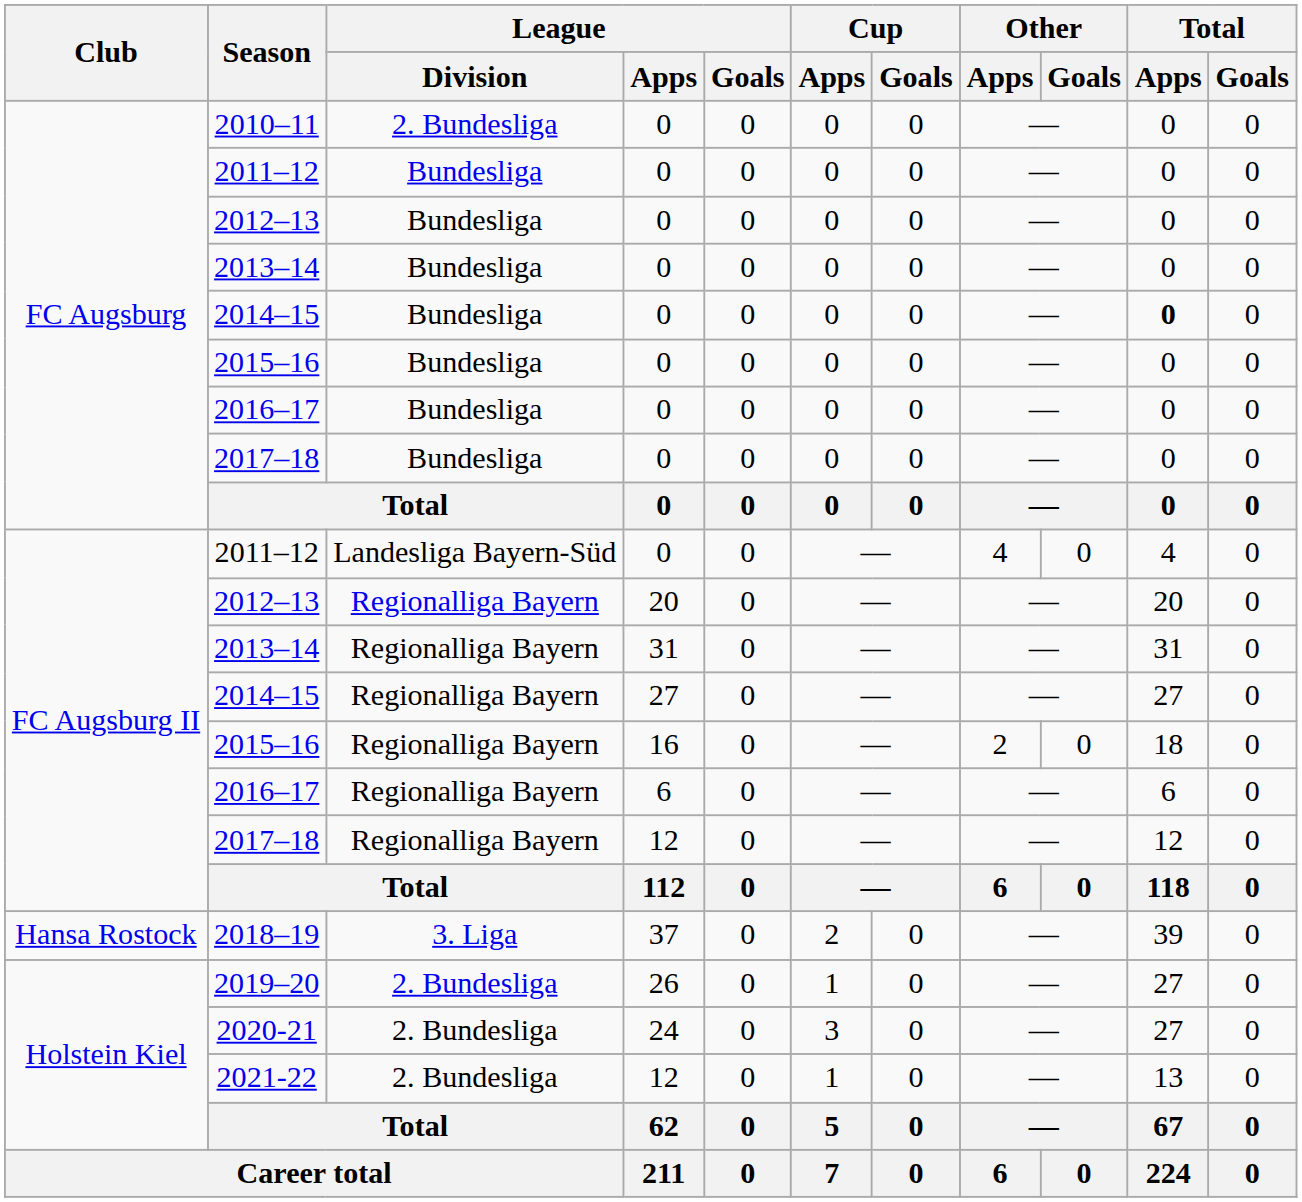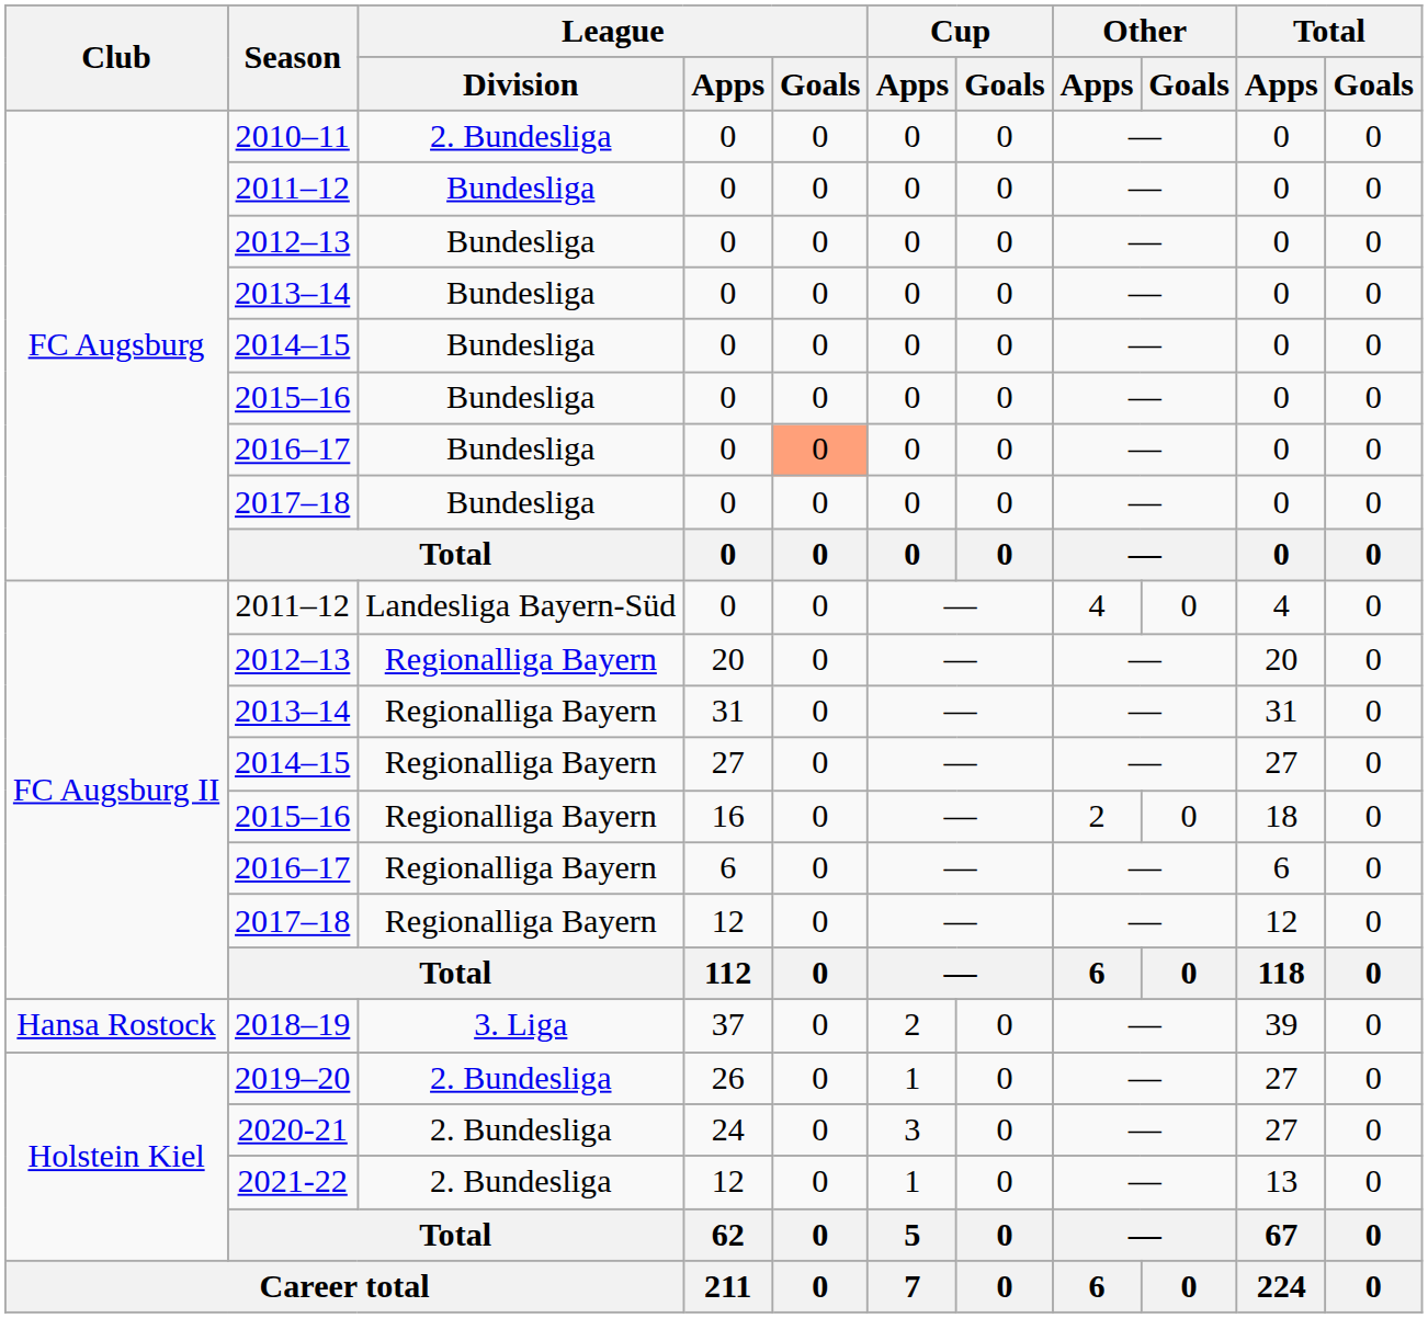 <table class="wikitable" style="text-align:center">
 <tr>
 <th rowspan="2">Club</th>
 <th rowspan="2">Season</th>
 <th colspan="3">League</th>
 <th colspan="2">Cup</th>
 <th colspan="2">Other</th>
 <th colspan="2">Total</th>
 </tr>
 <tr>
 <th>Division</th>
 <th>Apps</th>
 <th>Goals</th>
 <th>Apps</th>
 <th>Goals</th>
 <th>Apps</th>
 <th>Goals</th>
 <th>Apps</th>
 <th>Goals</th>
 </tr>
 <tr>
 <td rowspan="9"><a href='#'>FC Augsburg</a></td>
 <td><a href='#'>2010–11</a></td>
 <td><a href='#'>2. Bundesliga</a></td>
 <td>0</td>
 <td>0</td>
 <td>0</td>
 <td>0</td>
 <td colspan="2">—</td>
 <td>0</td>
 <td>0</td>
 </tr>
 <tr>
 <td><a href='#'>2011–12</a></td>
 <td><a href='#'>Bundesliga</a></td>
 <td>0</td>
 <td>0</td>
 <td>0</td>
 <td>0</td>
 <td colspan="2">—</td>
 <td>0</td>
 <td>0</td>
 </tr>
 <tr>
 <td><a href='#'>2012–13</a></td>
 <td>Bundesliga</td>
 <td>0</td>
 <td>0</td>
 <td>0</td>
 <td>0</td>
 <td colspan="2">—</td>
 <td>0</td>
 <td>0</td>
 </tr>
 <tr>
 <td><a href='#'>2013–14</a></td>
 <td>Bundesliga</td>
 <td>0</td>
 <td>0</td>
 <td>0</td>
 <td>0</td>
 <td colspan="2">—</td>
 <td>0</td>
 <td>0</td>
 </tr>
 <tr>
 <td><a href='#'>2014–15</a></td>
 <td>Bundesliga</td>
 <td>0</td>
 <td>0</td>
 <td>0</td>
 <td>0</td>
 <td colspan="2">—</td>
-<td><strong>0</strong></td>
+<td>0</td>
 <td>0</td>
 </tr>
 <tr>
 <td><a href='#'>2015–16</a></td>
 <td>Bundesliga</td>
 <td>0</td>
 <td>0</td>
 <td>0</td>
 <td>0</td>
 <td colspan="2">—</td>
 <td>0</td>
 <td>0</td>
 </tr>
 <tr>
 <td><a href='#'>2016–17</a></td>
 <td>Bundesliga</td>
 <td>0</td>
-<td>0</td>
+<td style="background: lightsalmon;">0</td>
 <td>0</td>
 <td>0</td>
 <td colspan="2">—</td>
 <td>0</td>
 <td>0</td>
 </tr>
 <tr>
 <td><a href='#'>2017–18</a></td>
 <td>Bundesliga</td>
 <td>0</td>
 <td>0</td>
 <td>0</td>
 <td>0</td>
 <td colspan="2">—</td>
 <td>0</td>
 <td>0</td>
 </tr>
 <tr>
 <th colspan="2">Total</th>
 <th>0</th>
 <th>0</th>
 <th>0</th>
 <th>0</th>
 <th colspan="2">—</th>
 <th>0</th>
 <th>0</th>
 </tr>
 <tr>
 <td rowspan="8"><a href='#'>FC Augsburg II</a></td>
 <td>2011–12</td>
 <td>Landesliga Bayern-Süd</td>
 <td>0</td>
 <td>0</td>
 <td colspan="2">—</td>
 <td>4</td>
 <td>0</td>
 <td>4</td>
 <td>0</td>
 </tr>
 <tr>
 <td><a href='#'>2012–13</a></td>
 <td><a href='#'>Regionalliga Bayern</a></td>
 <td>20</td>
 <td>0</td>
 <td colspan="2">—</td>
 <td colspan="2">—</td>
 <td>20</td>
 <td>0</td>
 </tr>
 <tr>
 <td><a href='#'>2013–14</a></td>
 <td>Regionalliga Bayern</td>
 <td>31</td>
 <td>0</td>
 <td colspan="2">—</td>
 <td colspan="2">—</td>
 <td>31</td>
 <td>0</td>
 </tr>
 <tr>
 <td><a href='#'>2014–15</a></td>
 <td>Regionalliga Bayern</td>
 <td>27</td>
 <td>0</td>
 <td colspan="2">—</td>
 <td colspan="2">—</td>
 <td>27</td>
 <td>0</td>
 </tr>
 <tr>
 <td><a href='#'>2015–16</a></td>
 <td>Regionalliga Bayern</td>
 <td>16</td>
 <td>0</td>
 <td colspan="2">—</td>
 <td>2</td>
 <td>0</td>
 <td>18</td>
 <td>0</td>
 </tr>
 <tr>
 <td><a href='#'>2016–17</a></td>
 <td>Regionalliga Bayern</td>
 <td>6</td>
 <td>0</td>
 <td colspan="2">—</td>
 <td colspan="2">—</td>
 <td>6</td>
 <td>0</td>
 </tr>
 <tr>
 <td><a href='#'>2017–18</a></td>
 <td>Regionalliga Bayern</td>
 <td>12</td>
 <td>0</td>
 <td colspan="2">—</td>
 <td colspan="2">—</td>
 <td>12</td>
 <td>0</td>
 </tr>
 <tr>
 <th colspan="2">Total</th>
 <th>112</th>
 <th>0</th>
 <th colspan="2">—</th>
 <th>6</th>
 <th>0</th>
 <th>118</th>
 <th>0</th>
 </tr>
 <tr>
 <td><a href='#'>Hansa Rostock</a></td>
 <td><a href='#'>2018–19</a></td>
 <td><a href='#'>3. Liga</a></td>
 <td>37</td>
 <td>0</td>
 <td>2</td>
 <td>0</td>
 <td colspan="2">—</td>
 <td>39</td>
 <td>0</td>
 </tr>
 <tr>
 <td rowspan="4"><a href='#'>Holstein Kiel</a></td>
 <td><a href='#'>2019–20</a></td>
 <td><a href='#'>2. Bundesliga</a></td>
 <td>26</td>
 <td>0</td>
 <td>1</td>
 <td>0</td>
 <td colspan="2">—</td>
 <td>27</td>
 <td>0</td>
 </tr>
 <tr>
 <td><a href='#'>2020-21</a></td>
 <td>2. Bundesliga</td>
 <td>24</td>
 <td>0</td>
 <td>3</td>
 <td>0</td>
 <td colspan="2">—</td>
 <td>27</td>
 <td>0</td>
 </tr>
 <tr>
 <td><a href='#'>2021-22</a></td>
 <td>2. Bundesliga</td>
 <td>12</td>
 <td>0</td>
 <td>1</td>
 <td>0</td>
 <td colspan="2">—</td>
 <td>13</td>
 <td>0</td>
 </tr>
 <tr>
 <th colspan="2">Total</th>
 <th>62</th>
 <th>0</th>
 <th>5</th>
 <th>0</th>
 <th colspan="2">—</th>
 <th>67</th>
 <th>0</th>
 </tr>
 <tr>
 <th colspan="3">Career total</th>
 <th>211</th>
 <th>0</th>
 <th>7</th>
 <th>0</th>
 <th>6</th>
 <th>0</th>
 <th>224</th>
 <th>0</th>
 </tr>
 </table>
